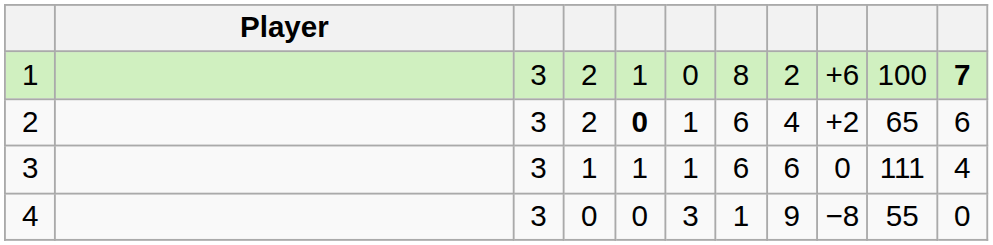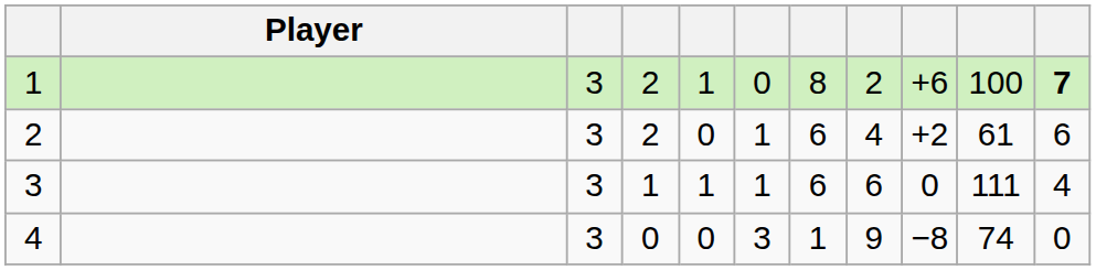 <table class="wikitable" style="text-align:center; margin: 1em auto 1em auto, align:left">
 <tr>
 <th width=20></th>
 <th width=240>Player</th>
 <th width=20></th>
 <th width=20></th>
 <th width=20></th>
 <th width=20></th>
 <th width=20></th>
 <th width=20></th>
 <th width=20></th>
 <th width=30></th>
 <th width=20></th>
 </tr>
 <tr style="background:#D0F0C0;">
 <td>1</td>
 <td align=left></td>
 <td>3</td>
 <td>2</td>
 <td>1</td>
 <td>0</td>
 <td>8</td>
 <td>2</td>
 <td>+6</td>
 <td>100</td>
 <td><strong>7</strong></td>
 </tr>
 <tr style=>
 <td>2</td>
 <td align=left></td>
 <td>3</td>
 <td>2</td>
-<td><strong>0</strong></td>
+<td>0</td>
 <td>1</td>
 <td>6</td>
 <td>4</td>
 <td>+2</td>
-<td>65</td>
+<td>61</td>
 <td>6</td>
 </tr>
 <tr style=>
 <td>3</td>
 <td align=left></td>
 <td>3</td>
 <td>1</td>
 <td>1</td>
 <td>1</td>
 <td>6</td>
 <td>6</td>
 <td>0</td>
 <td>111</td>
 <td>4</td>
 </tr>
 <tr style=>
 <td>4</td>
 <td align=left></td>
 <td>3</td>
 <td>0</td>
 <td>0</td>
 <td>3</td>
 <td>1</td>
 <td>9</td>
 <td>−8</td>
-<td>55</td>
+<td>74</td>
 <td>0</td>
 </tr>
 </table>
